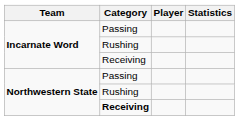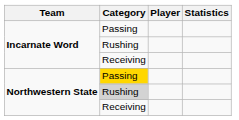 <table class="wikitable" style="float: left;">
 <tr>
 <th>Team</th>
 <th>Category</th>
 <th>Player</th>
 <th>Statistics</th>
 </tr>
 <tr>
 <td rowspan=3><strong>Incarnate Word</strong></td>
 <td>Passing</td>
 <td> </td>
 <td> </td>
 </tr>
 <tr>
 <td>Rushing</td>
 <td> </td>
 <td> </td>
 </tr>
 <tr>
 <td>Receiving</td>
 <td> </td>
 <td> </td>
 </tr>
 <tr>
 <td rowspan=3><strong>Northwestern State</strong></td>
-<td>Passing</td>
+<td style="background: gold;">Passing</td>
 <td> </td>
 <td> </td>
 </tr>
 <tr>
-<td>Rushing</td>
+<td style="background: lightgrey;">Rushing</td>
 <td> </td>
 <td> </td>
 </tr>
 <tr>
-<td><strong>Receiving</strong></td>
+<td>Receiving</td>
 <td> </td>
 <td> </td>
 </tr>
 </table>
